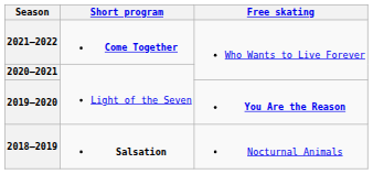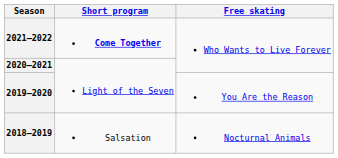 <table class=wikitable style=text-align:center>
 <tr>
 <th>Season</th>
 <th><a href='#'>Short program</a></th>
 <th><a href='#'>Free skating</a></th>
 </tr>
 <tr>
 <th>2021–2022 <br></th>
 <td><strong><br><ul><li><a href='#'>Come Together</a> <br></li></ul></strong></td>
 <td rowspan=2><br><ul><li><a href='#'>Who Wants to Live Forever</a> <br></li></ul></td>
 </tr>
 <tr>
 <th>2020–2021 <br></th>
 <td rowspan=2><br><ul><li><a href='#'>Light of the Seven</a> <br></li></ul></td>
 </tr>
 <tr>
 <th>2019–2020 <br> </th>
-<td><strong><br><ul><li><a href='#'>You Are the Reason</a> <br></li></ul></strong></td>
+<td><br><ul><li><a href='#'>You Are the Reason</a> <br></li></ul></td>
 </tr>
 <tr>
 <th>2018–2019 <br> </th>
-<td><strong><br><ul><li>Salsation <br></li></ul></strong></td>
+<td><br><ul><li>Salsation <br></li></ul></td>
 <td><br><ul><li><a href='#'>Nocturnal Animals</a> <br></li></ul></td>
 </tr>
 </table>
